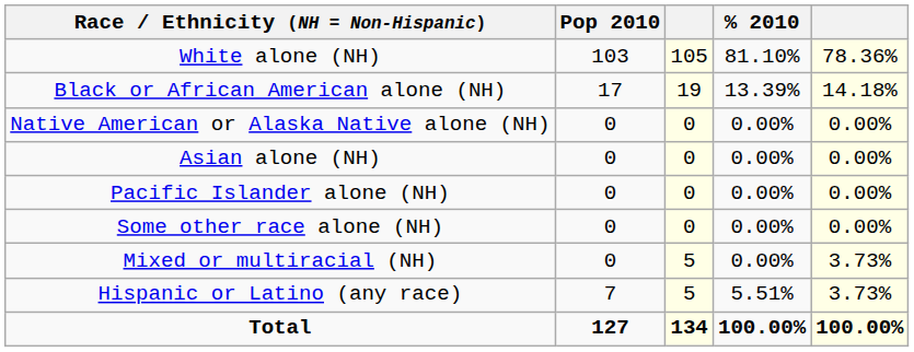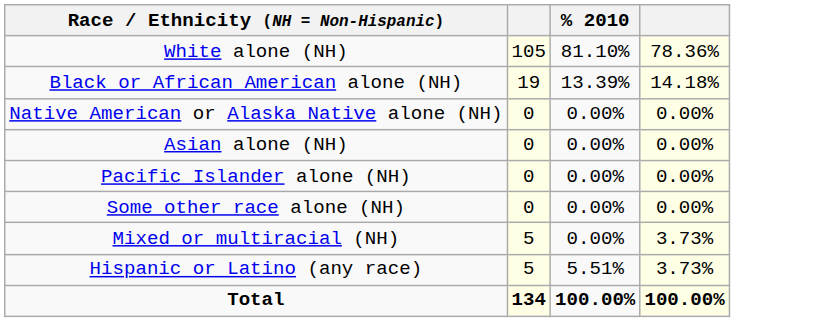 <table class="wikitable" style="text-align:center;">
 <tr>
 <th>Race / Ethnicity <small>(<em>NH = Non-Hispanic</em>)</small></th>
-<th>Pop 2010</th>
 <th></th>
 <th>% 2010</th>
 <th></th>
 </tr>
 <tr>
 <td><a href='#'>White</a> alone (NH)</td>
-<td>103</td>
 <td style='background: #ffffe6;'>105</td>
 <td>81.10%</td>
 <td style='background: #ffffe6;'>78.36%</td>
 </tr>
 <tr>
 <td><a href='#'>Black or African American</a> alone (NH)</td>
-<td>17</td>
 <td style='background: #ffffe6;'>19</td>
 <td>13.39%</td>
 <td style='background: #ffffe6;'>14.18%</td>
 </tr>
 <tr>
 <td><a href='#'>Native American</a> or <a href='#'>Alaska Native</a> alone (NH)</td>
-<td>0</td>
 <td style='background: #ffffe6;'>0</td>
 <td>0.00%</td>
 <td style='background: #ffffe6;'>0.00%</td>
 </tr>
 <tr>
 <td><a href='#'>Asian</a> alone (NH)</td>
-<td>0</td>
 <td style='background: #ffffe6;'>0</td>
 <td>0.00%</td>
 <td style='background: #ffffe6;'>0.00%</td>
 </tr>
 <tr>
 <td><a href='#'>Pacific Islander</a> alone (NH)</td>
-<td>0</td>
 <td style='background: #ffffe6;'>0</td>
 <td>0.00%</td>
 <td style='background: #ffffe6;'>0.00%</td>
 </tr>
 <tr>
 <td><a href='#'>Some other race</a> alone (NH)</td>
-<td>0</td>
 <td style='background: #ffffe6;'>0</td>
 <td>0.00%</td>
 <td style='background: #ffffe6;'>0.00%</td>
 </tr>
 <tr>
 <td><a href='#'>Mixed or multiracial</a> (NH)</td>
-<td>0</td>
 <td style='background: #ffffe6;'>5</td>
 <td>0.00%</td>
 <td style='background: #ffffe6;'>3.73%</td>
 </tr>
 <tr>
 <td><a href='#'>Hispanic or Latino</a> (any race)</td>
-<td>7</td>
 <td style='background: #ffffe6;'>5</td>
 <td>5.51%</td>
 <td style='background: #ffffe6;'>3.73%</td>
 </tr>
 <tr>
 <td><strong>Total</strong></td>
-<td><strong>127</strong></td>
 <td style='background: #ffffe6;'><strong>134</strong></td>
 <td><strong>100.00%</strong></td>
 <td style='background: #ffffe6;'><strong>100.00%</strong></td>
 </tr>
 </table>
